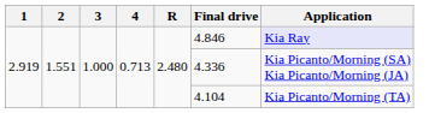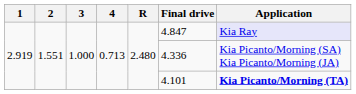 <table class=wikitable>
 <tr>
 <th>1</th>
 <th>2</th>
 <th>3</th>
 <th>4</th>
 <th>R</th>
 <th>Final drive</th>
 <th>Application</th>
 </tr>
 <tr>
 <td rowspan=3>2.919</td>
 <td rowspan=3>1.551</td>
 <td rowspan=3>1.000</td>
 <td rowspan=3>0.713</td>
 <td rowspan=3>2.480</td>
-<td>4.846</td>
+<td>4.847</td>
 <td style="background: lavender;"><a href='#'>Kia Ray</a></td>
 </tr>
 <tr>
 <td>4.336</td>
 <td><a href='#'>Kia Picanto/Morning (SA)</a><br><a href='#'>Kia Picanto/Morning (JA)</a></td>
 </tr>
 <tr>
-<td>4.104</td>
-<td><a href='#'>Kia Picanto/Morning (TA)</a></td>
+<td>4.101</td>
+<td><strong><a href='#'>Kia Picanto/Morning (TA)</a></strong></td>
 </tr>
 </table>
